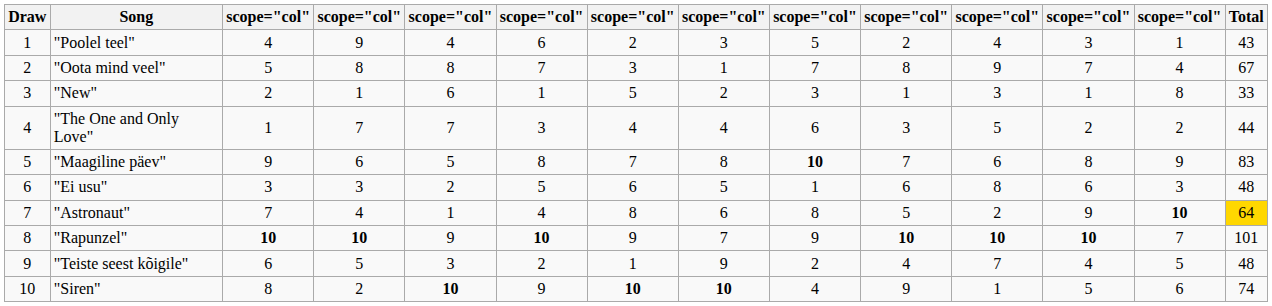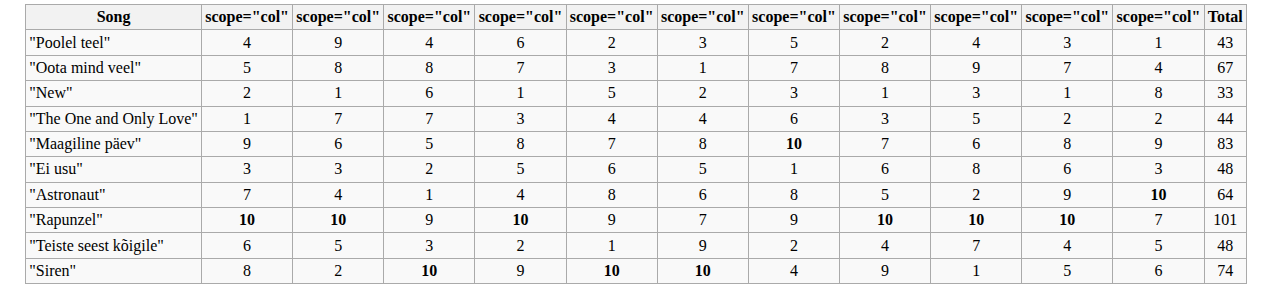 <table class="wikitable collapsible" style="margin: 1em auto 1em auto; text-align:center;">
 <tr>
-<th>Draw</th>
 <th>Song</th>
 <th>scope="col" </th>
 <th>scope="col" </th>
 <th>scope="col" </th>
 <th>scope="col" </th>
 <th>scope="col" </th>
 <th>scope="col" </th>
 <th>scope="col" </th>
 <th>scope="col" </th>
 <th>scope="col" </th>
 <th>scope="col" </th>
 <th>scope="col" </th>
 <th>Total</th>
 </tr>
 <tr>
-<td>1</td>
 <td align="left">"Poolel teel"</td>
 <td>4</td>
 <td>9</td>
 <td>4</td>
 <td>6</td>
 <td>2</td>
 <td>3</td>
 <td>5</td>
 <td>2</td>
 <td>4</td>
 <td>3</td>
 <td>1</td>
 <td>43</td>
 </tr>
 <tr>
-<td>2</td>
 <td align="left">"Oota mind veel"</td>
 <td>5</td>
 <td>8</td>
 <td>8</td>
 <td>7</td>
 <td>3</td>
 <td>1</td>
 <td>7</td>
 <td>8</td>
 <td>9</td>
 <td>7</td>
 <td>4</td>
 <td>67</td>
 </tr>
 <tr>
-<td>3</td>
 <td align="left">"New"</td>
 <td>2</td>
 <td>1</td>
 <td>6</td>
 <td>1</td>
 <td>5</td>
 <td>2</td>
 <td>3</td>
 <td>1</td>
 <td>3</td>
 <td>1</td>
 <td>8</td>
 <td>33</td>
 </tr>
 <tr>
-<td>4</td>
 <td align="left">"The One and Only Love"</td>
 <td>1</td>
 <td>7</td>
 <td>7</td>
 <td>3</td>
 <td>4</td>
 <td>4</td>
 <td>6</td>
 <td>3</td>
 <td>5</td>
 <td>2</td>
 <td>2</td>
 <td>44</td>
 </tr>
 <tr>
-<td>5</td>
 <td align="left">"Maagiline päev"</td>
 <td>9</td>
 <td>6</td>
 <td>5</td>
 <td>8</td>
 <td>7</td>
 <td>8</td>
 <td><strong>10</strong></td>
 <td>7</td>
 <td>6</td>
 <td>8</td>
 <td>9</td>
 <td>83</td>
 </tr>
 <tr>
-<td>6</td>
 <td align="left">"Ei usu"</td>
 <td>3</td>
 <td>3</td>
 <td>2</td>
 <td>5</td>
 <td>6</td>
 <td>5</td>
 <td>1</td>
 <td>6</td>
 <td>8</td>
 <td>6</td>
 <td>3</td>
 <td>48</td>
 </tr>
 <tr>
-<td>7</td>
 <td align="left">"Astronaut"</td>
 <td>7</td>
 <td>4</td>
 <td>1</td>
 <td>4</td>
 <td>8</td>
 <td>6</td>
 <td>8</td>
 <td>5</td>
 <td>2</td>
 <td>9</td>
 <td><strong>10</strong></td>
-<td style="background: gold;">64</td>
+<td>64</td>
 </tr>
 <tr>
-<td>8</td>
 <td align="left">"Rapunzel"</td>
 <td><strong>10</strong></td>
 <td><strong>10</strong></td>
 <td>9</td>
 <td><strong>10</strong></td>
 <td>9</td>
 <td>7</td>
 <td>9</td>
 <td><strong>10</strong></td>
 <td><strong>10</strong></td>
 <td><strong>10</strong></td>
 <td>7</td>
 <td>101</td>
 </tr>
 <tr>
-<td>9</td>
 <td align="left">"Teiste seest kõigile"</td>
 <td>6</td>
 <td>5</td>
 <td>3</td>
 <td>2</td>
 <td>1</td>
 <td>9</td>
 <td>2</td>
 <td>4</td>
 <td>7</td>
 <td>4</td>
 <td>5</td>
 <td>48</td>
 </tr>
 <tr>
-<td>10</td>
 <td align="left">"Siren"</td>
 <td>8</td>
 <td>2</td>
 <td><strong>10</strong></td>
 <td>9</td>
 <td><strong>10</strong></td>
 <td><strong>10</strong></td>
 <td>4</td>
 <td>9</td>
 <td>1</td>
 <td>5</td>
 <td>6</td>
 <td>74</td>
 </tr>
 </table>
